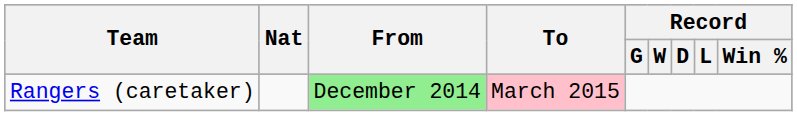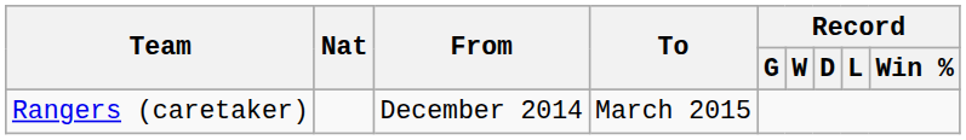 <table class="wikitable" style="text-align: center">
 <tr>
 <th rowspan="2">Team</th>
 <th rowspan="2">Nat</th>
 <th rowspan="2">From</th>
 <th rowspan="2">To</th>
 <th colspan="5">Record</th>
 </tr>
 <tr>
 <th>G</th>
 <th>W</th>
 <th>D</th>
 <th>L</th>
 <th>Win %</th>
 </tr>
 <tr>
 <td align=left><a href='#'>Rangers</a> (caretaker)</td>
 <td></td>
-<td align=left style="background: lightgreen;">December 2014</td>
-<td align=left style="background: pink;">March 2015<br></td>
+<td align=left>December 2014</td>
+<td align=left>March 2015<br></td>
 </tr>
 </table>
